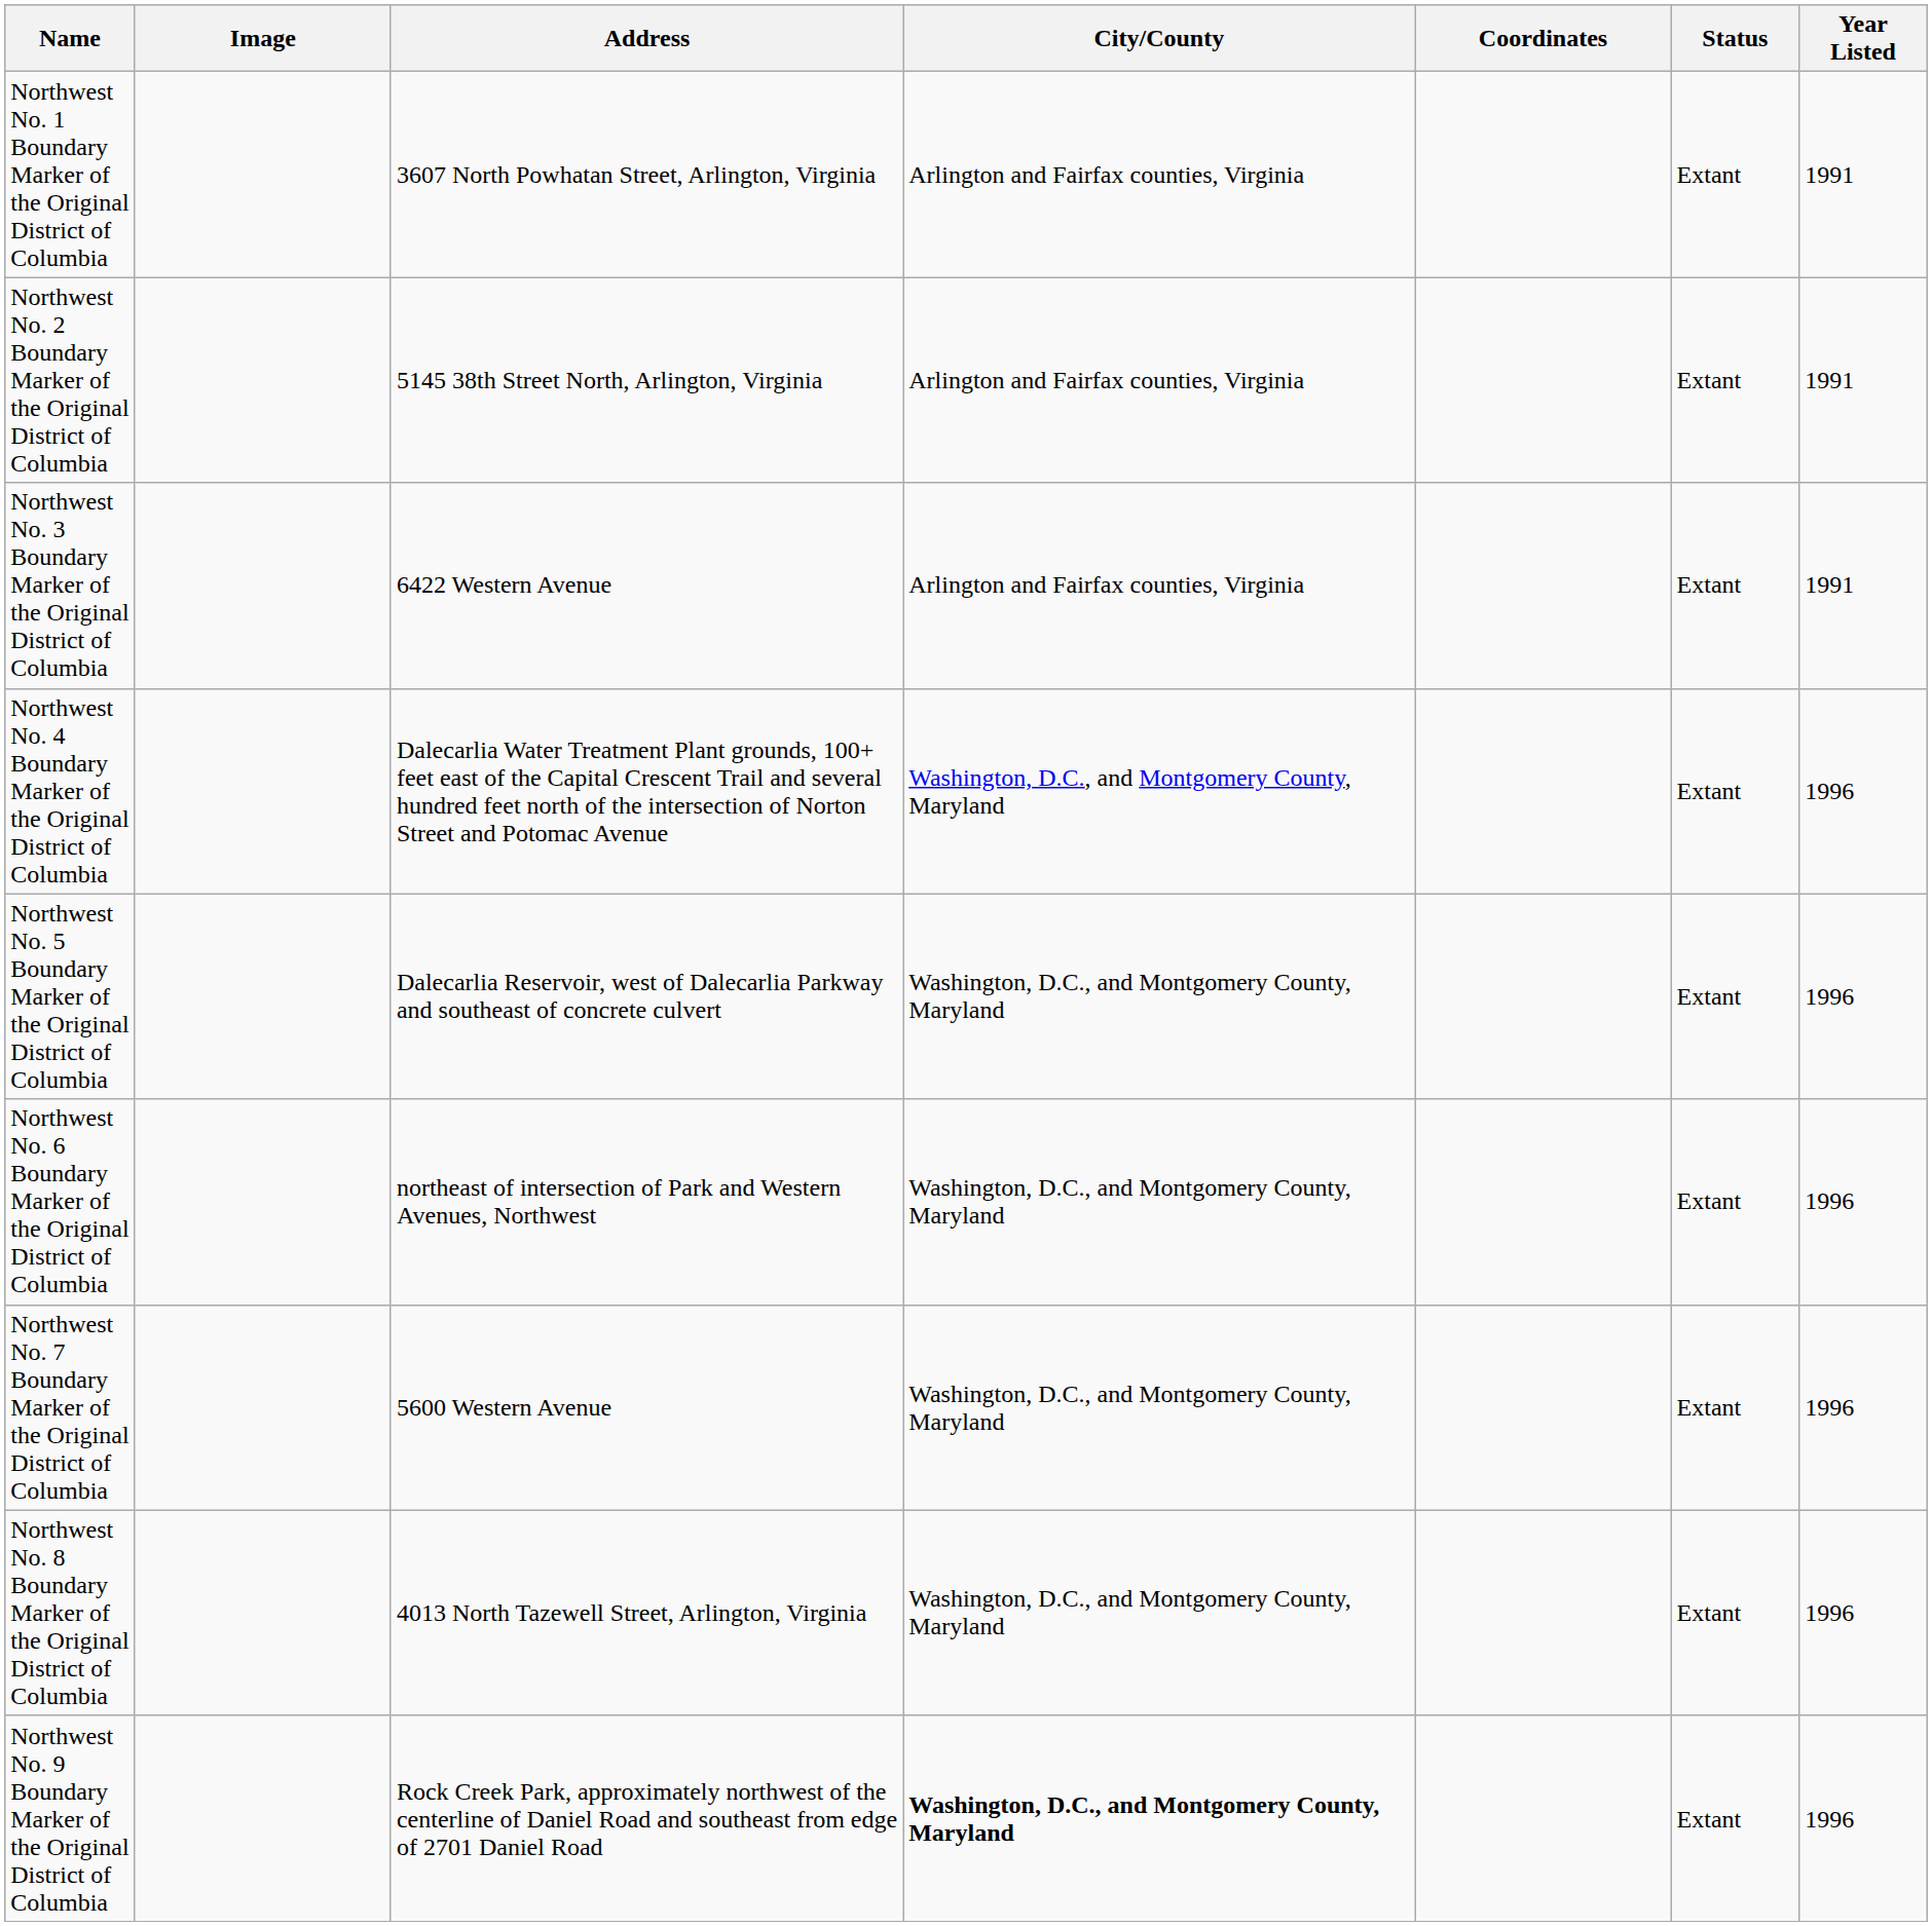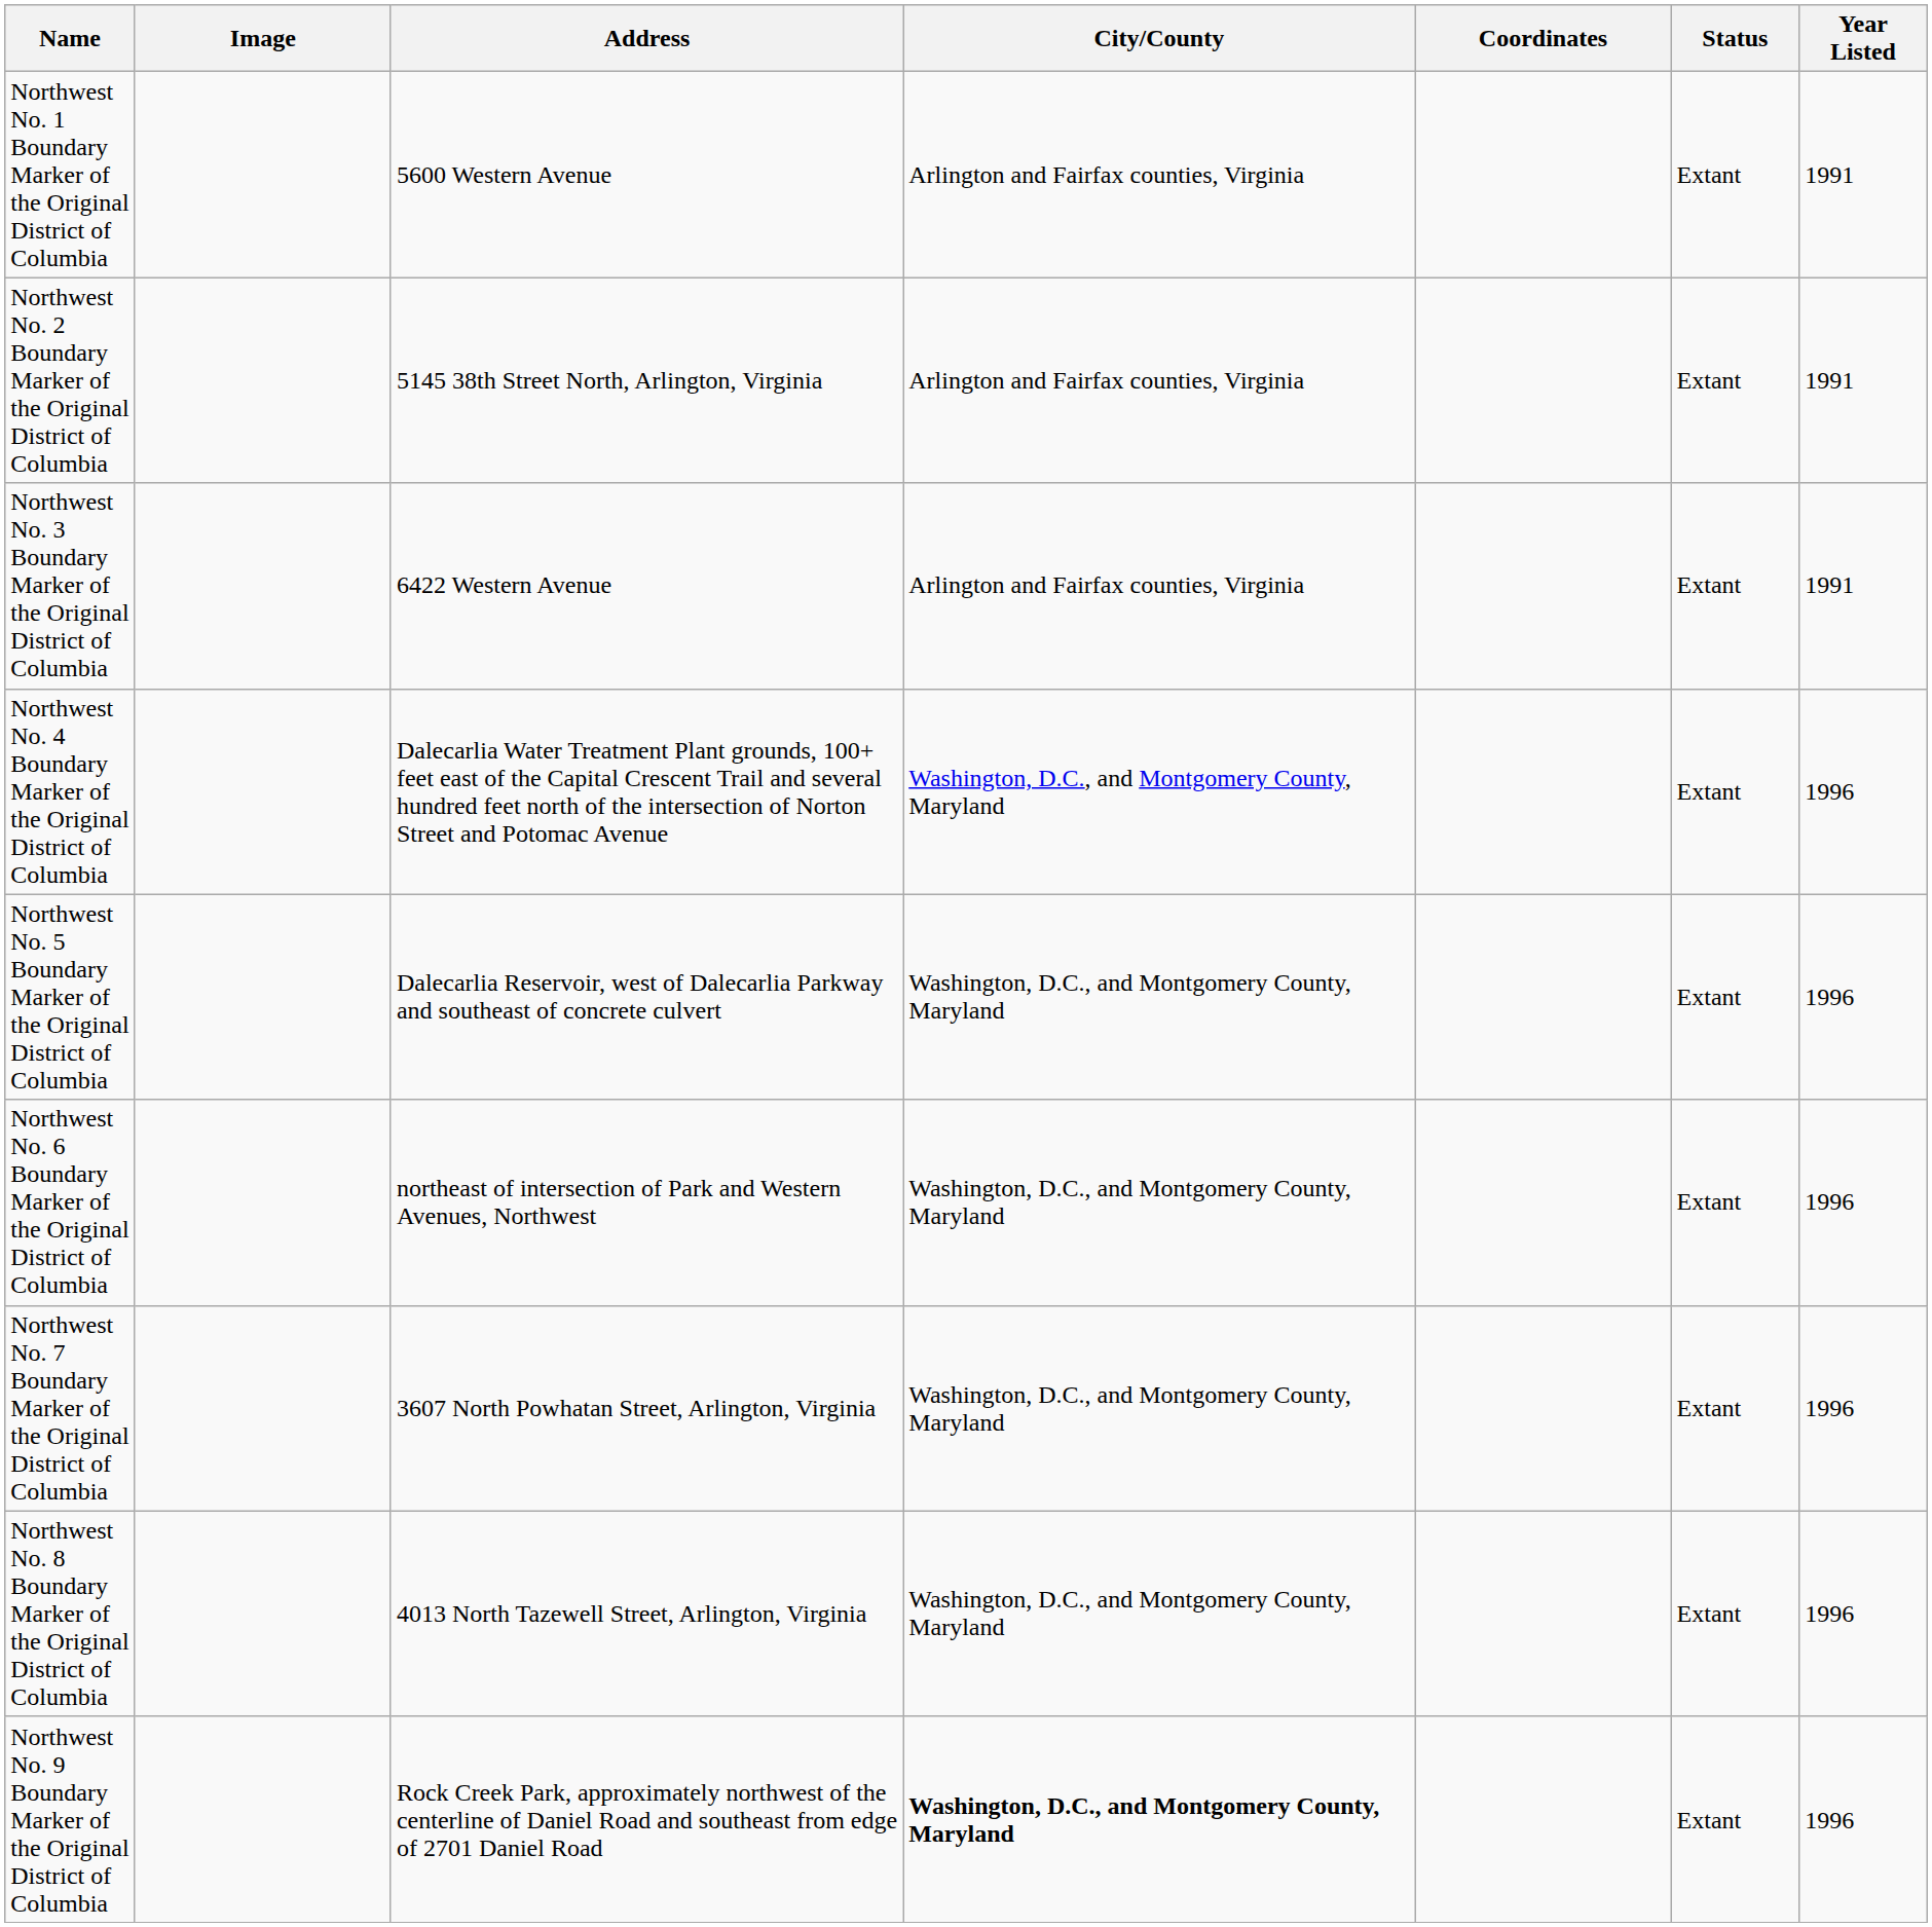 <table class="wikitable" style="width:auto">
 <tr>
 <th style="width:2.5%"><strong>Name</strong></th>
 <th style="width:10%"><strong>Image</strong></th>
 <th style="width:20%"><strong>Address</strong></th>
 <th style="width:20%"><strong>City/County</strong></th>
 <th style="width:10%"><strong>Coordinates</strong></th>
 <th style="width:5%"><strong>Status</strong></th>
 <th style="width:5%"><strong>Year<br>Listed</strong></th>
 </tr>
 <tr>
 <td>Northwest No. 1 Boundary Marker of the Original District of Columbia</td>
 <td><br></td>
-<td>3607 North Powhatan Street, Arlington, Virginia</td>
+<td>5600 Western Avenue</td>
 <td>Arlington and Fairfax counties, Virginia</td>
 <td></td>
 <td>Extant</td>
 <td>1991</td>
 </tr>
 <tr>
 <td>Northwest No. 2 Boundary Marker of the Original District of Columbia</td>
 <td><br></td>
 <td>5145 38th Street North, Arlington, Virginia</td>
 <td>Arlington and Fairfax counties, Virginia</td>
 <td></td>
 <td>Extant</td>
 <td>1991</td>
 </tr>
 <tr>
 <td>Northwest No. 3 Boundary Marker of the Original District of Columbia</td>
 <td><br></td>
 <td>6422 Western Avenue</td>
 <td>Arlington and Fairfax counties, Virginia</td>
 <td></td>
 <td>Extant</td>
 <td>1991</td>
 </tr>
 <tr>
 <td>Northwest No. 4 Boundary Marker of the Original District of Columbia</td>
 <td><br></td>
 <td>Dalecarlia Water Treatment Plant grounds, 100+ feet east of the Capital Crescent Trail and several hundred feet north of the intersection of Norton Street and Potomac Avenue</td>
 <td><a href='#'>Washington, D.C.</a>, and <a href='#'>Montgomery County</a>, Maryland</td>
 <td></td>
 <td>Extant</td>
 <td>1996</td>
 </tr>
 <tr>
 <td>Northwest No. 5 Boundary Marker of the Original District of Columbia</td>
 <td><br></td>
 <td>Dalecarlia Reservoir,  west of Dalecarlia Parkway and  southeast of concrete culvert</td>
 <td>Washington, D.C., and Montgomery County, Maryland</td>
 <td></td>
 <td>Extant</td>
 <td>1996</td>
 </tr>
 <tr>
 <td>Northwest No. 6 Boundary Marker of the Original District of Columbia</td>
 <td><br></td>
 <td> northeast of intersection of Park and Western Avenues, Northwest</td>
 <td>Washington, D.C., and Montgomery County, Maryland</td>
 <td></td>
 <td>Extant</td>
 <td>1996</td>
 </tr>
 <tr>
 <td>Northwest No. 7 Boundary Marker of the Original District of Columbia</td>
 <td><br></td>
-<td>5600 Western Avenue</td>
+<td>3607 North Powhatan Street, Arlington, Virginia</td>
 <td>Washington, D.C., and Montgomery County, Maryland</td>
 <td></td>
 <td>Extant</td>
 <td>1996</td>
 </tr>
 <tr>
 <td>Northwest No. 8 Boundary Marker of the Original District of Columbia</td>
 <td><br></td>
 <td>4013 North Tazewell Street, Arlington, Virginia</td>
 <td>Washington, D.C., and Montgomery County, Maryland</td>
 <td></td>
 <td>Extant</td>
 <td>1996</td>
 </tr>
 <tr>
 <td>Northwest No. 9 Boundary Marker of the Original District of Columbia</td>
 <td><br></td>
 <td>Rock Creek Park, approximately  northwest of the centerline of Daniel Road and  southeast from edge of 2701 Daniel Road</td>
 <td><strong>Washington, D.C., and Montgomery County, Maryland</strong></td>
 <td></td>
 <td>Extant</td>
 <td>1996</td>
 </tr>
 <tr>
 </tr>
 </table>
